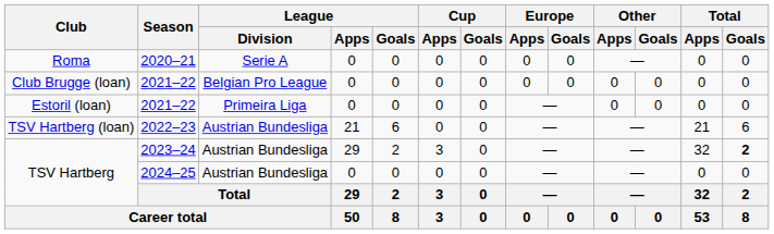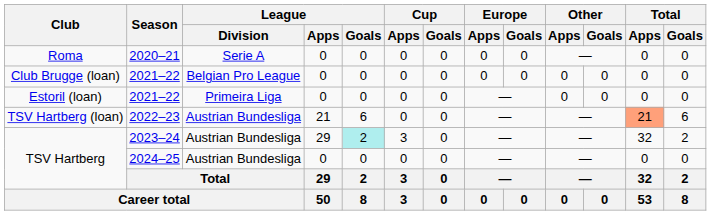 <table class="wikitable" style="text-align:center">
 <tr>
 <th rowspan="2">Club</th>
 <th rowspan="2">Season</th>
 <th colspan="3">League</th>
 <th colspan="2">Cup</th>
 <th colspan="2">Europe</th>
 <th colspan="2">Other</th>
 <th colspan="2">Total</th>
 </tr>
 <tr>
 <th>Division</th>
 <th>Apps</th>
 <th>Goals</th>
 <th>Apps</th>
 <th>Goals</th>
 <th>Apps</th>
 <th>Goals</th>
 <th>Apps</th>
 <th>Goals</th>
 <th>Apps</th>
 <th>Goals</th>
 </tr>
 <tr>
 <td><a href='#'>Roma</a></td>
 <td><a href='#'>2020–21</a></td>
 <td><a href='#'>Serie A</a></td>
 <td>0</td>
 <td>0</td>
 <td>0</td>
 <td>0</td>
 <td>0</td>
 <td>0</td>
 <td colspan="2">—</td>
 <td>0</td>
 <td>0</td>
 </tr>
 <tr>
 <td><a href='#'>Club Brugge</a> (loan)</td>
 <td><a href='#'>2021–22</a></td>
 <td><a href='#'>Belgian Pro League</a></td>
 <td>0</td>
 <td>0</td>
 <td>0</td>
 <td>0</td>
 <td>0</td>
 <td>0</td>
 <td>0</td>
 <td>0</td>
 <td>0</td>
 <td>0</td>
 </tr>
 <tr>
 <td><a href='#'>Estoril</a> (loan)</td>
 <td><a href='#'>2021–22</a></td>
 <td><a href='#'>Primeira Liga</a></td>
 <td>0</td>
 <td>0</td>
 <td>0</td>
 <td>0</td>
 <td colspan="2">—</td>
 <td>0</td>
 <td>0</td>
 <td>0</td>
 <td>0</td>
 </tr>
 <tr>
 <td><a href='#'>TSV Hartberg</a> (loan)</td>
 <td><a href='#'>2022–23</a></td>
 <td><a href='#'>Austrian Bundesliga</a></td>
 <td>21</td>
 <td>6</td>
 <td>0</td>
 <td>0</td>
 <td colspan="2">—</td>
 <td colspan="2">—</td>
-<td>21</td>
+<td style="background: lightsalmon;">21</td>
 <td>6</td>
 </tr>
 <tr>
 <td rowspan="3">TSV Hartberg</td>
 <td><a href='#'>2023–24</a></td>
 <td>Austrian Bundesliga</td>
 <td>29</td>
-<td>2</td>
+<td style="background: paleturquoise;">2</td>
 <td>3</td>
 <td>0</td>
 <td colspan="2">—</td>
 <td colspan="2">—</td>
 <td>32</td>
-<td><strong>2</strong></td>
+<td>2</td>
 </tr>
 <tr>
 <td><a href='#'>2024–25</a></td>
 <td>Austrian Bundesliga</td>
 <td>0</td>
 <td>0</td>
 <td>0</td>
 <td>0</td>
 <td colspan="2">—</td>
 <td colspan="2">—</td>
 <td>0</td>
 <td>0</td>
 </tr>
 <tr>
 <th colspan="2">Total</th>
 <th>29</th>
 <th>2</th>
 <th>3</th>
 <th>0</th>
 <th colspan="2">—</th>
 <th colspan="2">—</th>
 <th>32</th>
 <th>2</th>
 </tr>
 <tr>
 <th colspan="3">Career total</th>
 <th>50</th>
 <th>8</th>
 <th>3</th>
 <th>0</th>
 <th>0</th>
 <th>0</th>
 <th>0</th>
 <th>0</th>
 <th>53</th>
 <th>8</th>
 </tr>
 </table>
